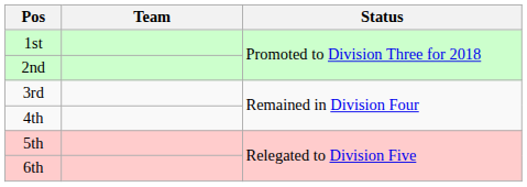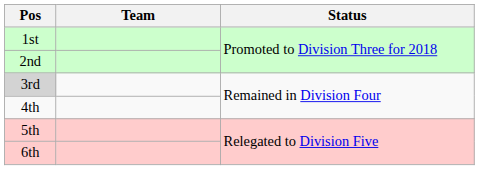 <table class="wikitable">
 <tr>
 <th width=50>Pos</th>
 <th width=175>Team</th>
 <th width=275>Status</th>
 </tr>
 <tr style="background:#cfc">
 <td align="center">1st</td>
 <td></td>
 <td rowspan=2>Promoted to <a href='#'>Division Three for 2018</a></td>
 </tr>
 <tr style="background:#cfc">
 <td align="center">2nd</td>
 <td></td>
 </tr>
 <tr>
-<td align="center">3rd</td>
+<td align="center" style="background: lightgrey;">3rd</td>
 <td></td>
 <td rowspan=2>Remained in <a href='#'>Division Four</a></td>
 </tr>
 <tr>
 <td align="center">4th</td>
 <td></td>
 </tr>
 <tr style="background:#fcc">
 <td align="center">5th</td>
 <td></td>
 <td rowspan=2>Relegated to <a href='#'>Division Five</a></td>
 </tr>
 <tr style="background:#fcc">
 <td align="center">6th</td>
 <td></td>
 </tr>
 </table>
